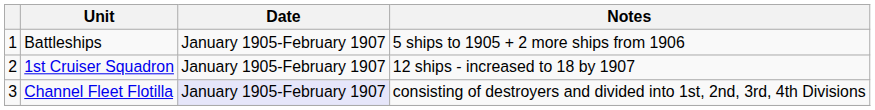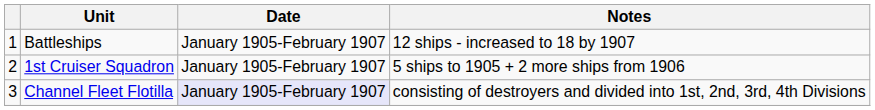 <table class=wikitable>
 <tr>
 <th></th>
 <th>Unit</th>
 <th>Date</th>
 <th>Notes</th>
 </tr>
 <tr>
 <td>1</td>
 <td>Battleships</td>
 <td>January 1905-February 1907</td>
-<td>5 ships to 1905 + 2 more ships from 1906</td>
+<td>12 ships - increased to 18 by 1907</td>
 </tr>
 <tr>
 <td>2</td>
 <td><a href='#'>1st Cruiser Squadron</a></td>
 <td>January 1905-February 1907</td>
-<td>12 ships - increased to 18 by 1907</td>
+<td>5 ships to 1905 + 2 more ships from 1906</td>
 </tr>
 <tr>
 <td>3</td>
 <td><a href='#'>Channel Fleet Flotilla</a></td>
 <td style="background: lavender;">January 1905-February 1907</td>
 <td>consisting of destroyers and divided into 1st, 2nd, 3rd, 4th Divisions</td>
 </tr>
 <tr>
 </tr>
 </table>
